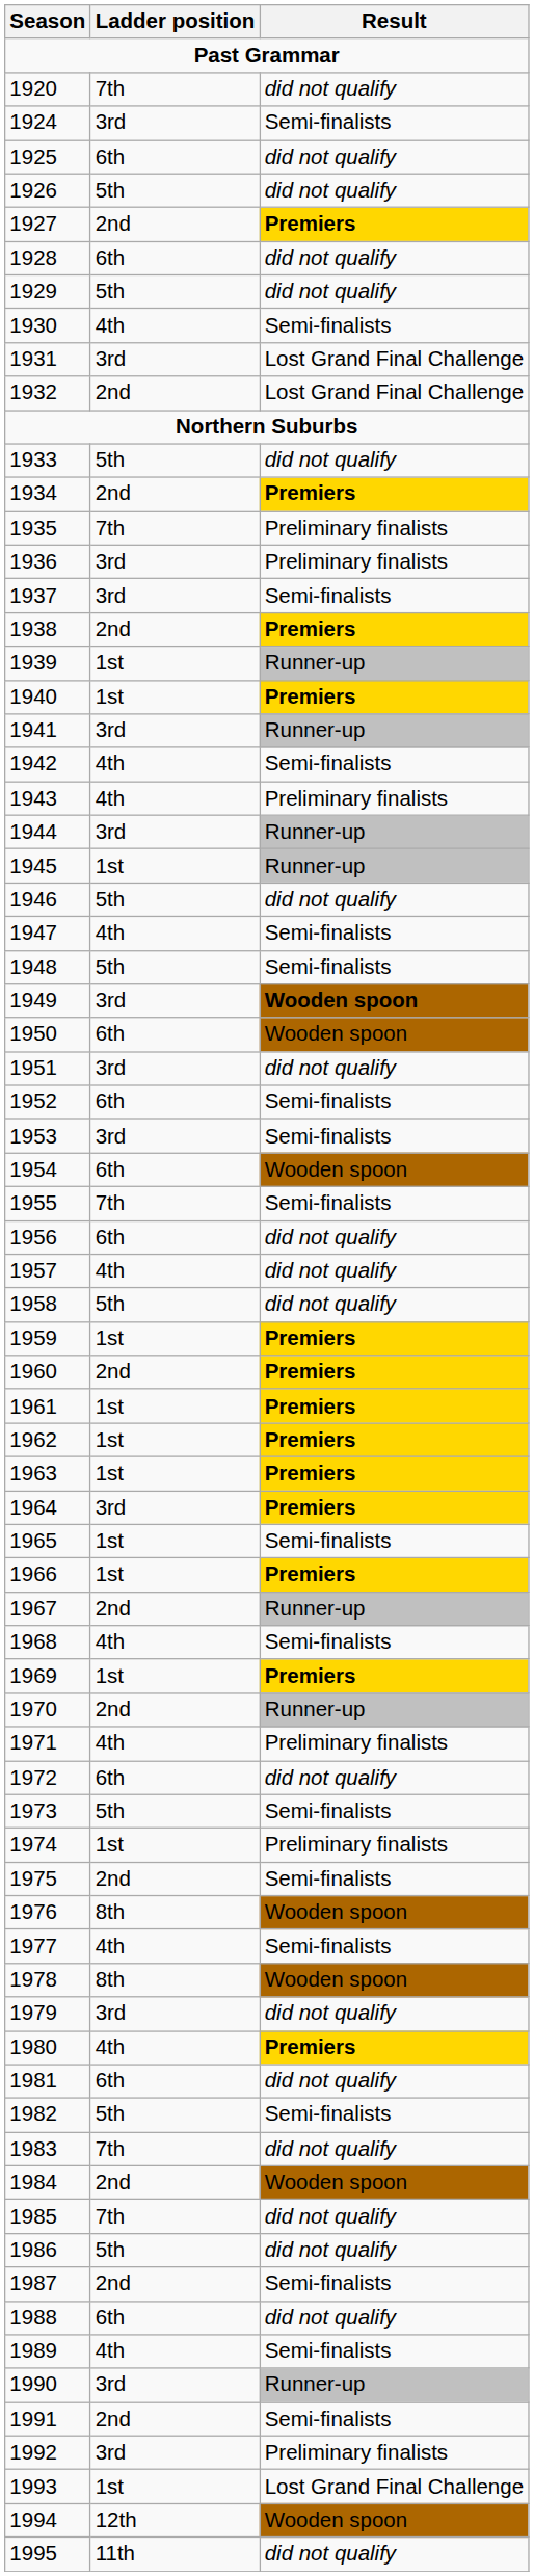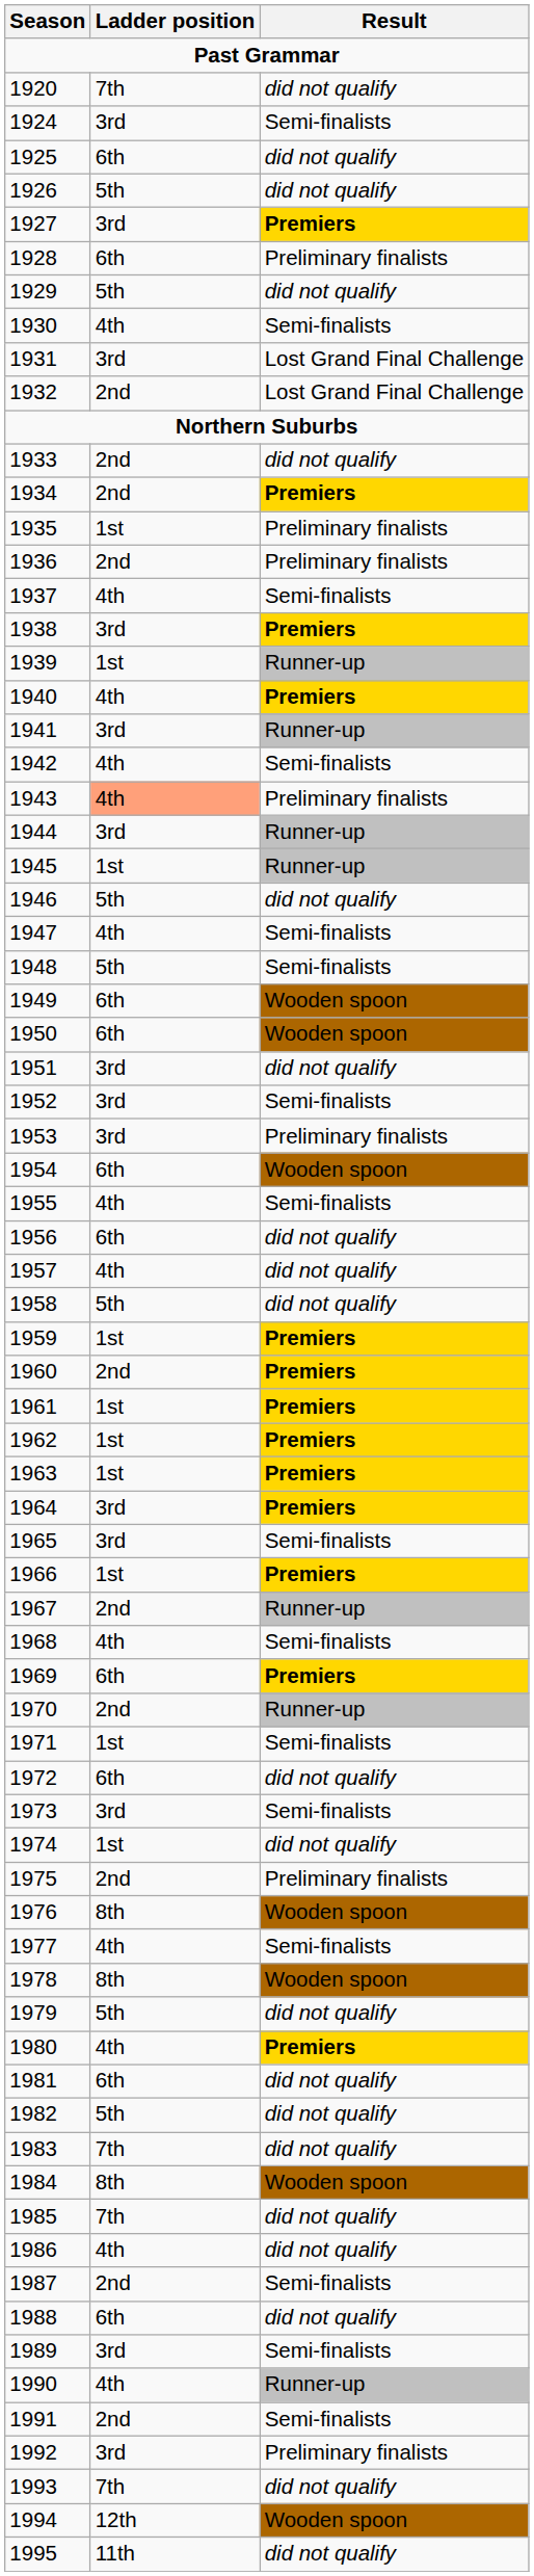 <table class="wikitable">
 <tr>
 <th>Season</th>
 <th>Ladder position</th>
 <th>Result</th>
 </tr>
 <tr>
 <td colspan="12" align=center><strong>Past Grammar</strong></td>
 </tr>
 <tr>
 <td>1920</td>
 <td>7th</td>
 <td><em>did not qualify</em></td>
 </tr>
 <tr>
 <td>1924</td>
 <td>3rd</td>
 <td>Semi-finalists</td>
 </tr>
 <tr>
 <td>1925</td>
 <td>6th</td>
 <td><em>did not qualify</em></td>
 </tr>
 <tr>
 <td>1926</td>
 <td>5th</td>
 <td><em>did not qualify</em></td>
 </tr>
 <tr>
 <td>1927</td>
-<td>2nd</td>
+<td>3rd</td>
 <td bgcolor="gold"><strong>Premiers</strong></td>
 </tr>
 <tr>
 <td>1928</td>
 <td>6th</td>
-<td><em>did not qualify</em></td>
+<td>Preliminary finalists</td>
 </tr>
 <tr>
 <td>1929</td>
 <td>5th</td>
 <td><em>did not qualify</em></td>
 </tr>
 <tr>
 <td>1930</td>
 <td>4th</td>
 <td>Semi-finalists</td>
 </tr>
 <tr>
 <td>1931</td>
 <td>3rd</td>
 <td>Lost Grand Final Challenge</td>
 </tr>
 <tr>
 <td>1932</td>
 <td>2nd</td>
 <td>Lost Grand Final Challenge</td>
 </tr>
 <tr>
 <td colspan="12" align=center><strong>Northern Suburbs</strong></td>
 </tr>
 <tr>
 <td>1933</td>
-<td>5th</td>
+<td>2nd</td>
 <td><em>did not qualify</em></td>
 </tr>
 <tr>
 <td>1934</td>
 <td>2nd</td>
 <td bgcolor="gold"><strong>Premiers</strong></td>
 </tr>
 <tr>
 <td>1935</td>
-<td>7th</td>
+<td>1st</td>
 <td>Preliminary finalists</td>
 </tr>
 <tr>
 <td>1936</td>
-<td>3rd</td>
+<td>2nd</td>
 <td>Preliminary finalists</td>
 </tr>
 <tr>
 <td>1937</td>
-<td>3rd</td>
+<td>4th</td>
 <td>Semi-finalists</td>
 </tr>
 <tr>
 <td>1938</td>
-<td>2nd</td>
+<td>3rd</td>
 <td bgcolor="gold"><strong>Premiers</strong></td>
 </tr>
 <tr>
 <td>1939</td>
 <td>1st</td>
 <td bgcolor="silver">Runner-up</td>
 </tr>
 <tr>
 <td>1940</td>
-<td>1st</td>
+<td>4th</td>
 <td bgcolor="gold"><strong>Premiers</strong></td>
 </tr>
 <tr>
 <td>1941</td>
 <td>3rd</td>
 <td bgcolor="silver">Runner-up</td>
 </tr>
 <tr>
 <td>1942</td>
 <td>4th</td>
 <td>Semi-finalists</td>
 </tr>
 <tr>
 <td>1943</td>
-<td>4th</td>
+<td style="background: lightsalmon;">4th</td>
 <td>Preliminary finalists</td>
 </tr>
 <tr>
 <td>1944</td>
 <td>3rd</td>
 <td bgcolor="silver">Runner-up</td>
 </tr>
 <tr>
 <td>1945</td>
 <td>1st</td>
 <td bgcolor="silver">Runner-up</td>
 </tr>
 <tr>
 <td>1946</td>
 <td>5th</td>
 <td><em>did not qualify</em></td>
 </tr>
 <tr>
 <td>1947</td>
 <td>4th</td>
 <td>Semi-finalists</td>
 </tr>
 <tr>
 <td>1948</td>
 <td>5th</td>
 <td>Semi-finalists</td>
 </tr>
 <tr>
 <td>1949</td>
-<td>3rd</td>
-<td style="background-color:#ac6600"><strong>Wooden spoon</strong></td>
+<td>6th</td>
+<td style="background-color:#ac6600">Wooden spoon</td>
 </tr>
 <tr>
 <td>1950</td>
 <td>6th</td>
 <td style="background-color:#ac6600">Wooden spoon</td>
 </tr>
 <tr>
 <td>1951</td>
 <td>3rd</td>
 <td><em>did not qualify</em></td>
 </tr>
 <tr>
 <td>1952</td>
-<td>6th</td>
+<td>3rd</td>
 <td>Semi-finalists</td>
 </tr>
 <tr>
 <td>1953</td>
 <td>3rd</td>
-<td>Semi-finalists</td>
+<td>Preliminary finalists</td>
 </tr>
 <tr>
 <td>1954</td>
 <td>6th</td>
 <td style="background-color:#ac6600">Wooden spoon</td>
 </tr>
 <tr>
 <td>1955</td>
-<td>7th</td>
+<td>4th</td>
 <td>Semi-finalists</td>
 </tr>
 <tr>
 <td>1956</td>
 <td>6th</td>
 <td><em>did not qualify</em></td>
 </tr>
 <tr>
 <td>1957</td>
 <td>4th</td>
 <td><em>did not qualify</em></td>
 </tr>
 <tr>
 <td>1958</td>
 <td>5th</td>
 <td><em>did not qualify</em></td>
 </tr>
 <tr>
 <td>1959</td>
 <td>1st</td>
 <td bgcolor="gold"><strong>Premiers</strong></td>
 </tr>
 <tr>
 <td>1960</td>
 <td>2nd</td>
 <td bgcolor="gold"><strong>Premiers</strong></td>
 </tr>
 <tr>
 <td>1961</td>
 <td>1st</td>
 <td bgcolor="gold"><strong>Premiers</strong></td>
 </tr>
 <tr>
 <td>1962</td>
 <td>1st</td>
 <td bgcolor="gold"><strong>Premiers</strong></td>
 </tr>
 <tr>
 <td>1963</td>
 <td>1st</td>
 <td bgcolor="gold"><strong>Premiers</strong></td>
 </tr>
 <tr>
 <td>1964</td>
 <td>3rd</td>
 <td bgcolor="gold"><strong>Premiers</strong></td>
 </tr>
 <tr>
 <td>1965</td>
-<td>1st</td>
+<td>3rd</td>
 <td>Semi-finalists</td>
 </tr>
 <tr>
 <td>1966</td>
 <td>1st</td>
 <td bgcolor="gold"><strong>Premiers</strong></td>
 </tr>
 <tr>
 <td>1967</td>
 <td>2nd</td>
 <td bgcolor="silver">Runner-up</td>
 </tr>
 <tr>
 <td>1968</td>
 <td>4th</td>
 <td>Semi-finalists</td>
 </tr>
 <tr>
 <td>1969</td>
-<td>1st</td>
+<td>6th</td>
 <td bgcolor="gold"><strong>Premiers</strong></td>
 </tr>
 <tr>
 <td>1970</td>
 <td>2nd</td>
 <td bgcolor="silver">Runner-up</td>
 </tr>
 <tr>
 <td>1971</td>
-<td>4th</td>
-<td>Preliminary finalists</td>
+<td>1st</td>
+<td>Semi-finalists</td>
 </tr>
 <tr>
 <td>1972</td>
 <td>6th</td>
 <td><em>did not qualify</em></td>
 </tr>
 <tr>
 <td>1973</td>
-<td>5th</td>
+<td>3rd</td>
 <td>Semi-finalists</td>
 </tr>
 <tr>
 <td>1974</td>
 <td>1st</td>
-<td>Preliminary finalists</td>
+<td><em>did not qualify</em></td>
 </tr>
 <tr>
 <td>1975</td>
 <td>2nd</td>
-<td>Semi-finalists</td>
+<td>Preliminary finalists</td>
 </tr>
 <tr>
 <td>1976</td>
 <td>8th</td>
 <td style="background-color:#ac6600">Wooden spoon</td>
 </tr>
 <tr>
 <td>1977</td>
 <td>4th</td>
 <td>Semi-finalists</td>
 </tr>
 <tr>
 <td>1978</td>
 <td>8th</td>
 <td style="background-color:#ac6600">Wooden spoon</td>
 </tr>
 <tr>
 <td>1979</td>
-<td>3rd</td>
+<td>5th</td>
 <td><em>did not qualify</em></td>
 </tr>
 <tr>
 <td>1980</td>
 <td>4th</td>
 <td bgcolor="gold"><strong>Premiers</strong></td>
 </tr>
 <tr>
 <td>1981</td>
 <td>6th</td>
 <td><em>did not qualify</em></td>
 </tr>
 <tr>
 <td>1982</td>
 <td>5th</td>
-<td>Semi-finalists</td>
+<td><em>did not qualify</em></td>
 </tr>
 <tr>
 <td>1983</td>
 <td>7th</td>
 <td><em>did not qualify</em></td>
 </tr>
 <tr>
 <td>1984</td>
-<td>2nd</td>
+<td>8th</td>
 <td style="background-color:#ac6600">Wooden spoon</td>
 </tr>
 <tr>
 <td>1985</td>
 <td>7th</td>
 <td><em>did not qualify</em></td>
 </tr>
 <tr>
 <td>1986</td>
-<td>5th</td>
+<td>4th</td>
 <td><em>did not qualify</em></td>
 </tr>
 <tr>
 <td>1987</td>
 <td>2nd</td>
 <td>Semi-finalists</td>
 </tr>
 <tr>
 <td>1988</td>
 <td>6th</td>
 <td><em>did not qualify</em></td>
 </tr>
 <tr>
 <td>1989</td>
-<td>4th</td>
+<td>3rd</td>
 <td>Semi-finalists</td>
 </tr>
 <tr>
 <td>1990</td>
-<td>3rd</td>
+<td>4th</td>
 <td bgcolor="silver">Runner-up</td>
 </tr>
 <tr>
 <td>1991</td>
 <td>2nd</td>
 <td>Semi-finalists</td>
 </tr>
 <tr>
 <td>1992</td>
 <td>3rd</td>
 <td>Preliminary finalists</td>
 </tr>
 <tr>
 <td>1993</td>
-<td>1st</td>
-<td>Lost Grand Final Challenge</td>
+<td>7th</td>
+<td><em>did not qualify</em></td>
 </tr>
 <tr>
 <td>1994</td>
 <td>12th</td>
 <td style="background-color:#ac6600">Wooden spoon</td>
 </tr>
 <tr>
 <td>1995</td>
 <td>11th</td>
 <td><em>did not qualify</em></td>
 </tr>
 </table>
